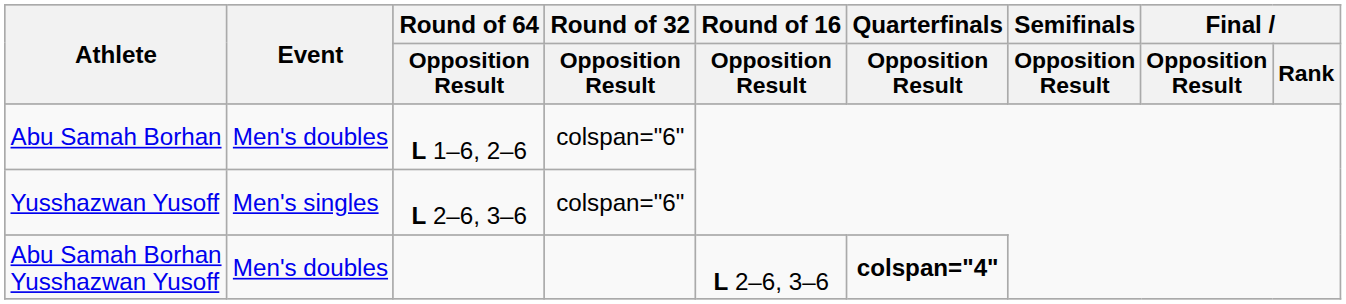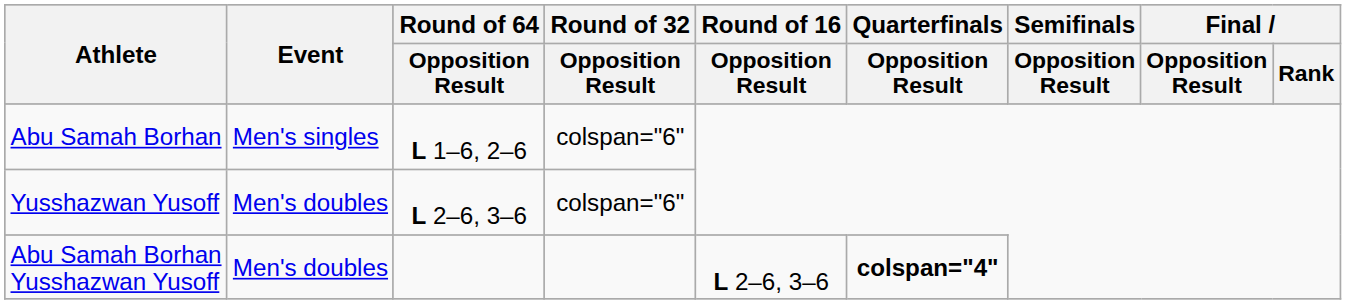 <table class="wikitable" style="font-size:90%;">
 <tr>
 <th rowspan="2">Athlete</th>
 <th rowspan="2">Event</th>
 <th>Round of 64</th>
 <th>Round of 32</th>
 <th>Round of 16</th>
 <th>Quarterfinals</th>
 <th>Semifinals</th>
 <th colspan="2">Final / </th>
 </tr>
 <tr style="font-size:95%">
 <th>Opposition<br>Result</th>
 <th>Opposition<br>Result</th>
 <th>Opposition<br>Result</th>
 <th>Opposition<br>Result</th>
 <th>Opposition<br>Result</th>
 <th>Opposition<br>Result</th>
 <th>Rank</th>
 </tr>
 <tr align="center">
 <td align="left"><a href='#'>Abu Samah Borhan</a></td>
-<td align="left"><a href='#'>Men's doubles</a></td>
+<td align="left"><a href='#'>Men's singles</a></td>
 <td><br><strong>L</strong> 1–6, 2–6</td>
 <td>colspan="6" </td>
 </tr>
 <tr align="center">
 <td align="left"><a href='#'>Yusshazwan Yusoff</a></td>
-<td align="left"><a href='#'>Men's singles</a></td>
+<td align="left"><a href='#'>Men's doubles</a></td>
 <td><br><strong>L</strong> 2–6, 3–6</td>
 <td>colspan="6" </td>
 </tr>
 <tr align="center">
 <td align="left"><a href='#'>Abu Samah Borhan</a><br><a href='#'>Yusshazwan Yusoff</a></td>
 <td align="left"><a href='#'>Men's doubles</a></td>
 <td></td>
 <td></td>
 <td><br><strong>L</strong> 2–6, 3–6</td>
 <td><strong>colspan="4" </strong></td>
 </tr>
 </table>
